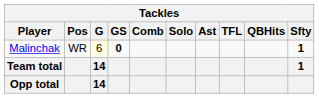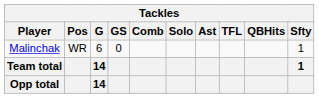 <table class="wikitable" style="text-align:center">
 <tr>
 <th colspan="10">Tackles</th>
 </tr>
 <tr>
 <th>Player</th>
 <th>Pos</th>
 <th>G</th>
 <th>GS</th>
 <th>Comb</th>
 <th>Solo</th>
 <th>Ast</th>
 <th>TFL</th>
 <th>QBHits</th>
 <th>Sfty</th>
 </tr>
 <tr>
 <td><a href='#'>Malinchak</a></td>
 <td>WR</td>
-<td style="background: lightyellow;">6</td>
-<td><strong>0</strong></td>
+<td>6</td>
+<td>0</td>
 <td></td>
 <td></td>
 <td></td>
 <td></td>
 <td></td>
-<td><strong>1</strong></td>
+<td>1</td>
 </tr>
 <tr>
 <th>Team total</th>
 <th></th>
 <th>14</th>
 <th></th>
 <th></th>
 <th></th>
 <th></th>
 <th></th>
 <th></th>
 <th>1</th>
 </tr>
 <tr>
 <th>Opp total</th>
 <th></th>
 <th>14</th>
 <th></th>
 <th></th>
 <th></th>
 <th></th>
 <th></th>
 <th></th>
 <th></th>
 </tr>
 </table>
